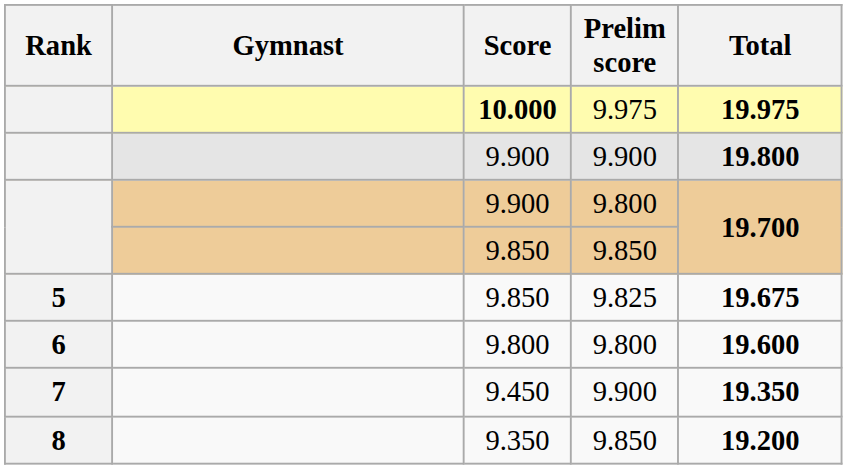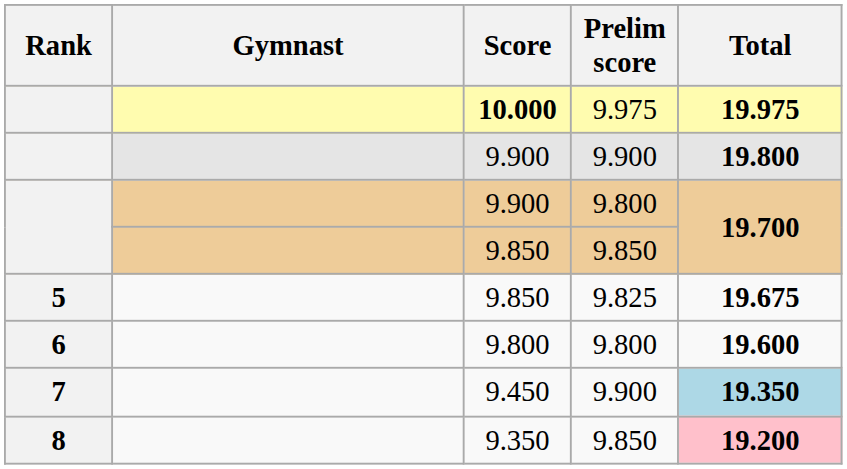 <table class="wikitable sortable" style="text-align:center; font-size:95%">
 <tr>
 <th scope="col" style="width:50px;">Rank</th>
 <th scope="col" style="width:180px;">Gymnast</th>
 <th scope="col" style="width:50px;">Score</th>
 <th scope="col" style="width:50px;">Prelim score</th>
 <th scope="col" style="width:80px;">Total</th>
 </tr>
 <tr style="background:#fffcaf;">
 <th scope=row style="text-align:center"></th>
 <td style="text-align:left;"></td>
 <td><strong>10.000</strong></td>
 <td>9.975</td>
 <td><strong>19.975</strong></td>
 </tr>
 <tr style="background:#e5e5e5;">
 <th scope=row style="text-align:center"></th>
 <td style="text-align:left;"></td>
 <td>9.900</td>
 <td>9.900</td>
 <td><strong>19.800</strong></td>
 </tr>
 <tr style="background:#ec9;">
 <th rowspan="2" scope="row" style="text-align:center"></th>
 <td style="text-align:left;"></td>
 <td>9.900</td>
 <td>9.800</td>
 <td rowspan="2"><strong>19.700</strong></td>
 </tr>
 <tr style="background:#ec9;">
 <td style="text-align:left;"></td>
 <td>9.850</td>
 <td>9.850</td>
 </tr>
 <tr>
 <th>5</th>
 <td align=left></td>
 <td>9.850</td>
 <td>9.825</td>
 <td><strong>19.675</strong></td>
 </tr>
 <tr>
 <th>6</th>
 <td align=left></td>
 <td>9.800</td>
 <td>9.800</td>
 <td><strong>19.600</strong></td>
 </tr>
 <tr>
 <th>7</th>
 <td align=left></td>
 <td>9.450</td>
 <td>9.900</td>
-<td><strong>19.350</strong></td>
+<td style="background: lightblue;"><strong>19.350</strong></td>
 </tr>
 <tr>
 <th>8</th>
 <td align=left></td>
 <td>9.350</td>
 <td>9.850</td>
-<td><strong>19.200</strong></td>
+<td style="background: pink;"><strong>19.200</strong></td>
 </tr>
 </table>
